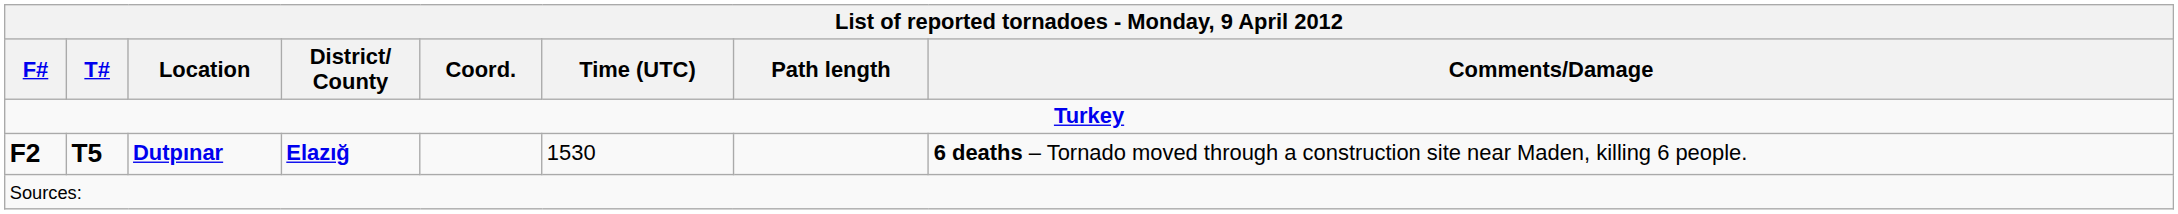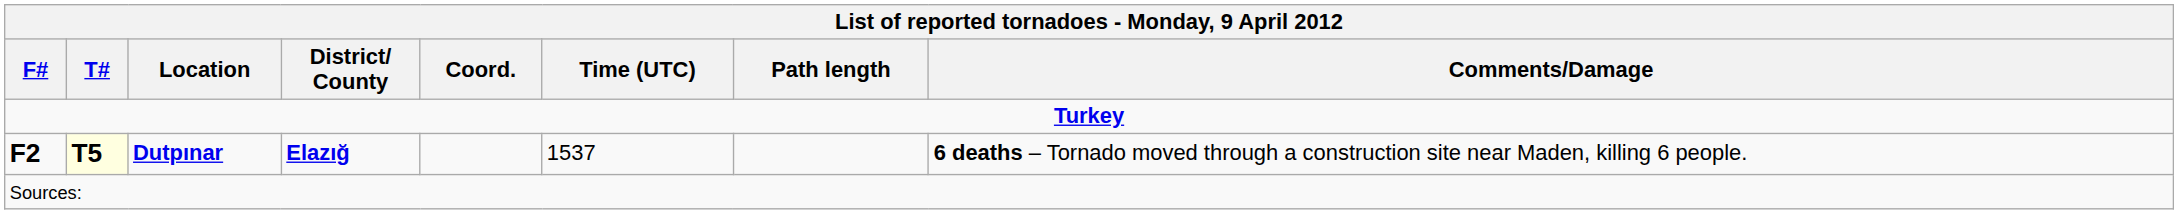 <table class="wikitable collapsible" width="100%">
 <tr>
 <th colspan="8">List of reported tornadoes - Monday, 9 April 2012</th>
 </tr>
 <tr>
 <th><a href='#'>F#</a></th>
 <th><a href='#'>T#</a></th>
 <th>Location</th>
 <th>District/<br>County</th>
 <th>Coord.</th>
 <th>Time (UTC)</th>
 <th>Path length</th>
 <th>Comments/Damage</th>
 </tr>
 <tr>
 <td colspan="8" align=center><strong><a href='#'>Turkey</a></strong></td>
 </tr>
 <tr>
 <td><big><strong>F2</strong></big></td>
-<td><big><strong>T5</strong></big></td>
+<td style="background: lightyellow;"><big><strong>T5</strong></big></td>
 <td><strong><a href='#'>Dutpınar</a></strong></td>
 <td><strong><a href='#'>Elazığ</a></strong></td>
 <td></td>
-<td>1530</td>
+<td>1537</td>
 <td></td>
 <td><strong>6 deaths</strong> – Tornado moved through a construction site near Maden, killing 6 people.</td>
 </tr>
 <tr>
 <td colspan="8"><small>Sources:  </small></td>
 </tr>
 </table>
